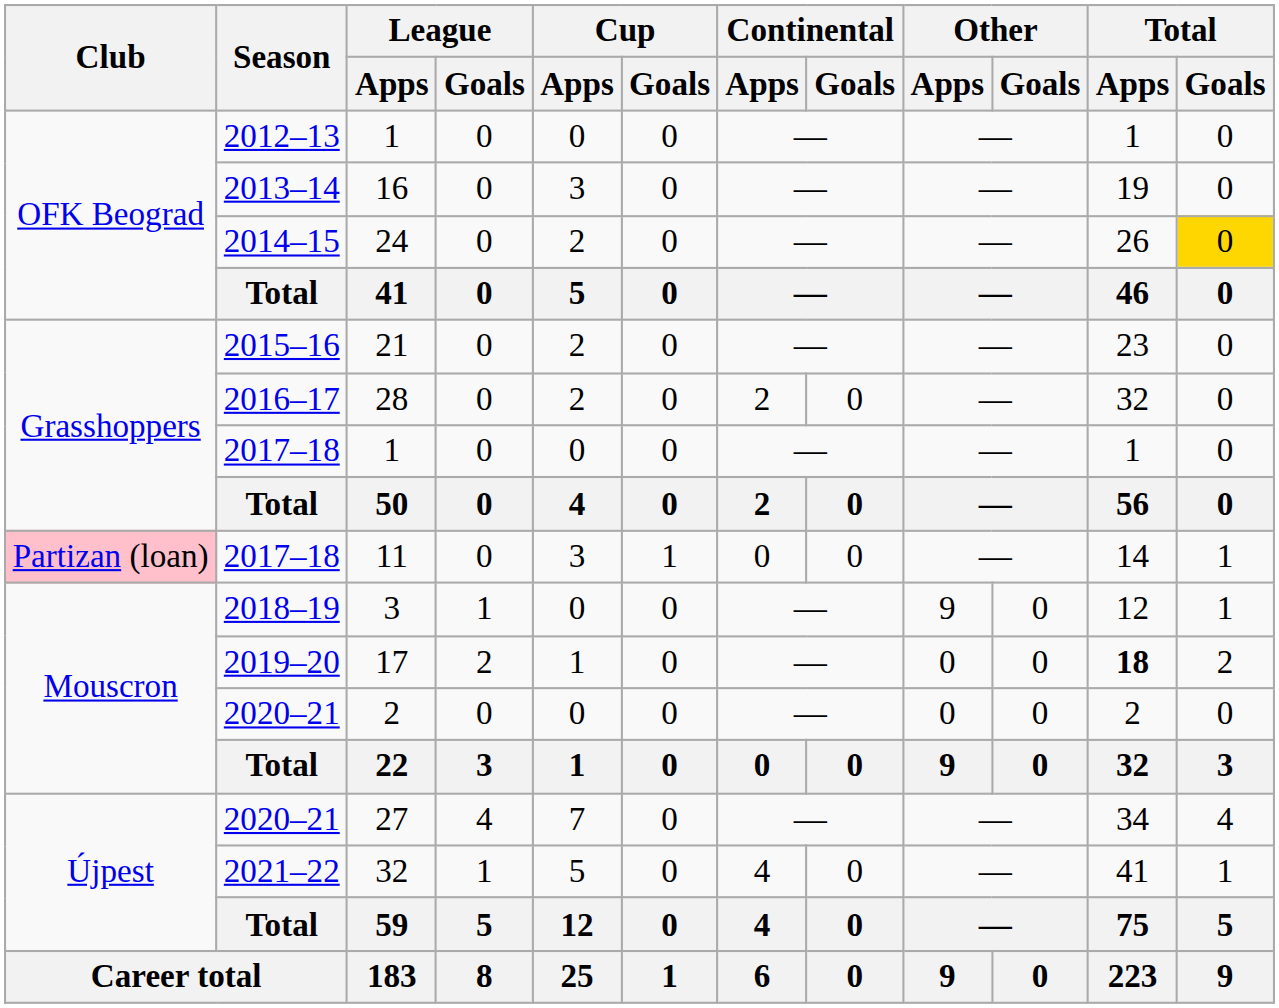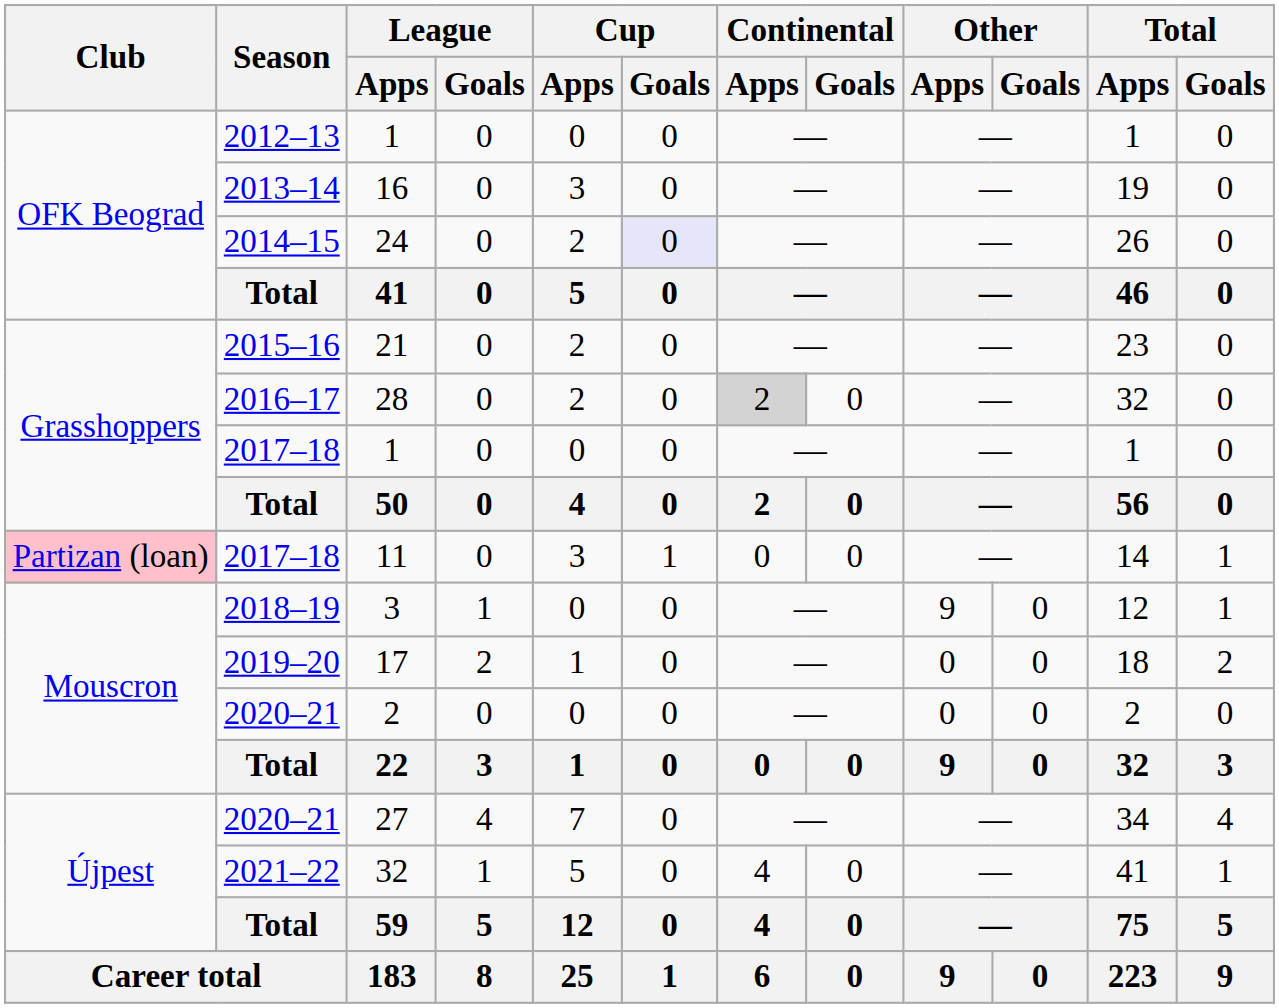 <table class="wikitable" style="text-align:center">
 <tr>
 <th rowspan="2">Club</th>
 <th rowspan="2">Season</th>
 <th colspan="2">League</th>
 <th colspan="2">Cup</th>
 <th colspan="2">Continental</th>
 <th colspan="2">Other</th>
 <th colspan="2">Total</th>
 </tr>
 <tr>
 <th>Apps</th>
 <th>Goals</th>
 <th>Apps</th>
 <th>Goals</th>
 <th>Apps</th>
 <th>Goals</th>
 <th>Apps</th>
 <th>Goals</th>
 <th>Apps</th>
 <th>Goals</th>
 </tr>
 <tr>
 <td rowspan="4"><a href='#'>OFK Beograd</a></td>
 <td><a href='#'>2012–13</a></td>
 <td>1</td>
 <td>0</td>
 <td>0</td>
 <td>0</td>
 <td colspan="2">—</td>
 <td colspan="2">—</td>
 <td>1</td>
 <td>0</td>
 </tr>
 <tr>
 <td><a href='#'>2013–14</a></td>
 <td>16</td>
 <td>0</td>
 <td>3</td>
 <td>0</td>
 <td colspan="2">—</td>
 <td colspan="2">—</td>
 <td>19</td>
 <td>0</td>
 </tr>
 <tr>
 <td><a href='#'>2014–15</a></td>
 <td>24</td>
 <td>0</td>
 <td>2</td>
-<td>0</td>
+<td style="background: lavender;">0</td>
 <td colspan="2">—</td>
 <td colspan="2">—</td>
 <td>26</td>
-<td style="background: gold;">0</td>
+<td>0</td>
 </tr>
 <tr>
 <th>Total</th>
 <th>41</th>
 <th>0</th>
 <th>5</th>
 <th>0</th>
 <th colspan="2">—</th>
 <th colspan="2">—</th>
 <th>46</th>
 <th>0</th>
 </tr>
 <tr>
 <td rowspan="4"><a href='#'>Grasshoppers</a></td>
 <td><a href='#'>2015–16</a></td>
 <td>21</td>
 <td>0</td>
 <td>2</td>
 <td>0</td>
 <td colspan="2">—</td>
 <td colspan="2">—</td>
 <td>23</td>
 <td>0</td>
 </tr>
 <tr>
 <td><a href='#'>2016–17</a></td>
 <td>28</td>
 <td>0</td>
 <td>2</td>
 <td>0</td>
-<td>2</td>
+<td style="background: lightgrey;">2</td>
 <td>0</td>
 <td colspan="2">—</td>
 <td>32</td>
 <td>0</td>
 </tr>
 <tr>
 <td><a href='#'>2017–18</a></td>
 <td>1</td>
 <td>0</td>
 <td>0</td>
 <td>0</td>
 <td colspan="2">—</td>
 <td colspan="2">—</td>
 <td>1</td>
 <td>0</td>
 </tr>
 <tr>
 <th>Total</th>
 <th>50</th>
 <th>0</th>
 <th>4</th>
 <th>0</th>
 <th>2</th>
 <th>0</th>
 <th colspan="2">—</th>
 <th>56</th>
 <th>0</th>
 </tr>
 <tr>
 <td style="background: pink;"><a href='#'>Partizan</a> (loan)</td>
 <td><a href='#'>2017–18</a></td>
 <td>11</td>
 <td>0</td>
 <td>3</td>
 <td>1</td>
 <td>0</td>
 <td>0</td>
 <td colspan="2">—</td>
 <td>14</td>
 <td>1</td>
 </tr>
 <tr>
 <td rowspan="4"><a href='#'>Mouscron</a></td>
 <td><a href='#'>2018–19</a></td>
 <td>3</td>
 <td>1</td>
 <td>0</td>
 <td>0</td>
 <td colspan="2">—</td>
 <td>9</td>
 <td>0</td>
 <td>12</td>
 <td>1</td>
 </tr>
 <tr>
 <td><a href='#'>2019–20</a></td>
 <td>17</td>
 <td>2</td>
 <td>1</td>
 <td>0</td>
 <td colspan="2">—</td>
 <td>0</td>
 <td>0</td>
-<td><strong>18</strong></td>
+<td>18</td>
 <td>2</td>
 </tr>
 <tr>
 <td><a href='#'>2020–21</a></td>
 <td>2</td>
 <td>0</td>
 <td>0</td>
 <td>0</td>
 <td colspan="2">—</td>
 <td>0</td>
 <td>0</td>
 <td>2</td>
 <td>0</td>
 </tr>
 <tr>
 <th>Total</th>
 <th>22</th>
 <th>3</th>
 <th>1</th>
 <th>0</th>
 <th>0</th>
 <th>0</th>
 <th>9</th>
 <th>0</th>
 <th>32</th>
 <th>3</th>
 </tr>
 <tr>
 <td rowspan="3"><a href='#'>Újpest</a></td>
 <td><a href='#'>2020–21</a></td>
 <td>27</td>
 <td>4</td>
 <td>7</td>
 <td>0</td>
 <td colspan="2">—</td>
 <td colspan="2">—</td>
 <td>34</td>
 <td>4</td>
 </tr>
 <tr>
 <td><a href='#'>2021–22</a></td>
 <td>32</td>
 <td>1</td>
 <td>5</td>
 <td>0</td>
 <td>4</td>
 <td>0</td>
 <td colspan="2">—</td>
 <td>41</td>
 <td>1</td>
 </tr>
 <tr>
 <th>Total</th>
 <th>59</th>
 <th>5</th>
 <th>12</th>
 <th>0</th>
 <th>4</th>
 <th>0</th>
 <th colspan="2">—</th>
 <th>75</th>
 <th>5</th>
 </tr>
 <tr>
 <th colspan="2">Career total</th>
 <th>183</th>
 <th>8</th>
 <th>25</th>
 <th>1</th>
 <th>6</th>
 <th>0</th>
 <th>9</th>
 <th>0</th>
 <th>223</th>
 <th>9</th>
 </tr>
 </table>
